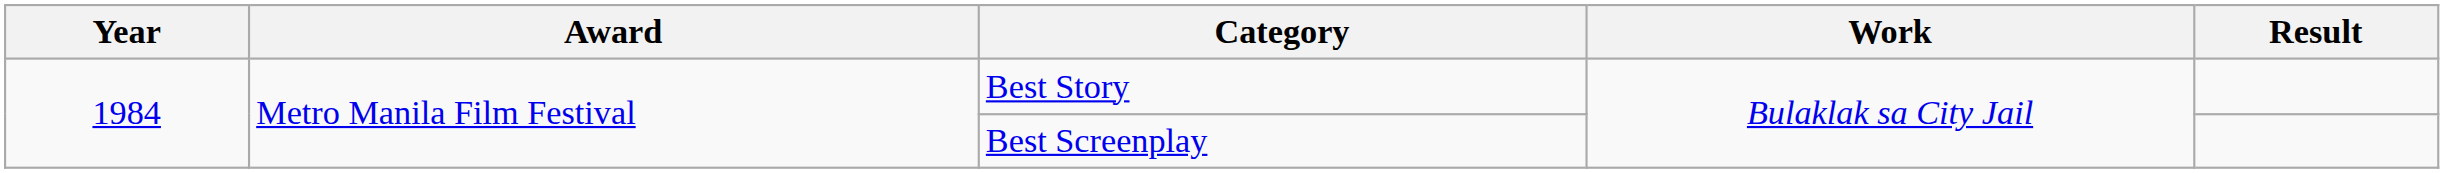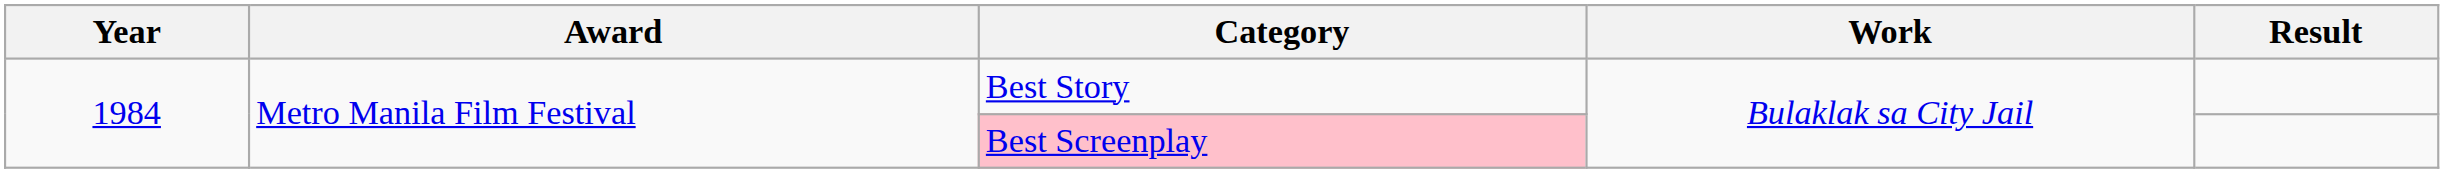 <table | width="90%" class="wikitable sortable">
 <tr>
 <th style="width:10%;">Year</th>
 <th style="width:30%;">Award</th>
 <th style="width:25%;">Category</th>
 <th style="width:25%;">Work</th>
 <th style="width:10%;">Result</th>
 </tr>
 <tr>
 <td rowspan="2" style="text-align:center;"><a href='#'>1984</a></td>
 <td rowspan="2" style="text-align:left;"><a href='#'>Metro Manila Film Festival</a></td>
 <td style="text-align:left;"><a href='#'>Best Story</a></td>
 <td style="text-align:center;" rowspan="2"><em><a href='#'>Bulaklak sa City Jail</a></em></td>
 <td></td>
 </tr>
 <tr>
-<td style="text-align:left;"><a href='#'>Best Screenplay</a></td>
+<td style="background: pink; text-align:left;"><a href='#'>Best Screenplay</a></td>
 <td></td>
 </tr>
 </table>
